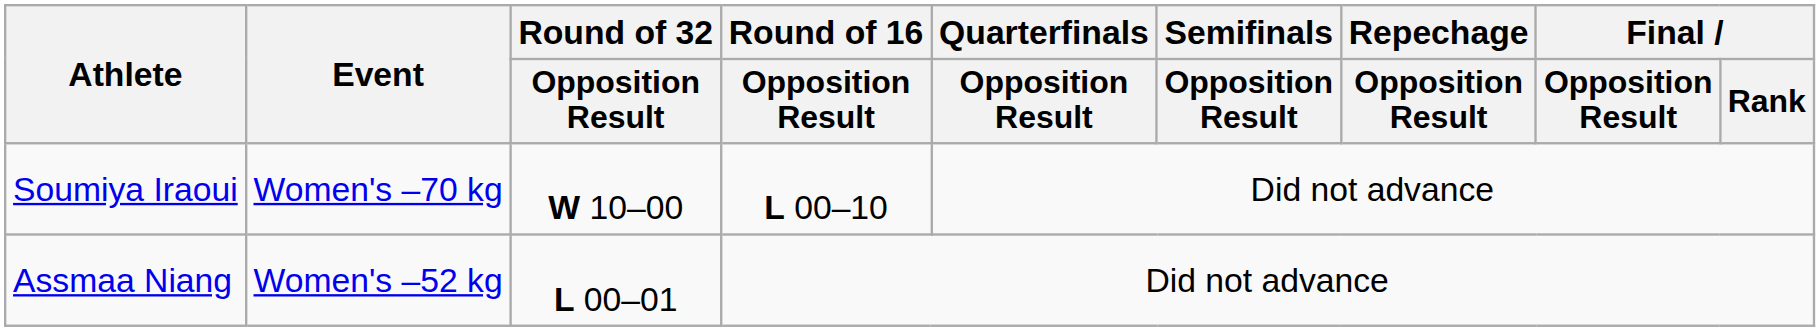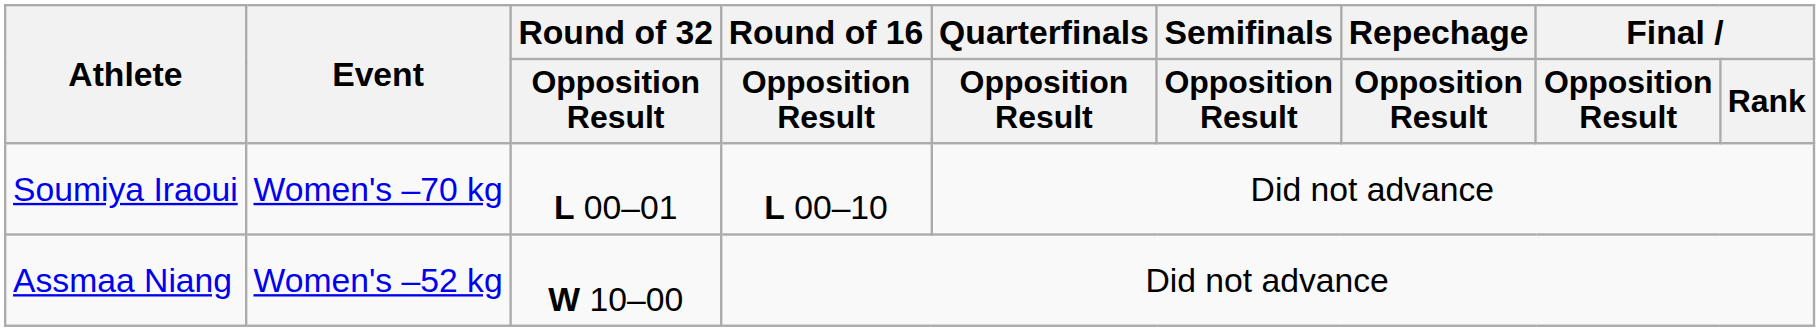 <table class="wikitable" style="font-size:90%">
 <tr>
 <th rowspan="2">Athlete</th>
 <th rowspan="2">Event</th>
 <th>Round of 32</th>
 <th>Round of 16</th>
 <th>Quarterfinals</th>
 <th>Semifinals</th>
 <th>Repechage</th>
 <th colspan=2>Final / </th>
 </tr>
 <tr style="font-size:95%">
 <th>Opposition<br>Result</th>
 <th>Opposition<br>Result</th>
 <th>Opposition<br>Result</th>
 <th>Opposition<br>Result</th>
 <th>Opposition<br>Result</th>
 <th>Opposition<br>Result</th>
 <th>Rank</th>
 </tr>
 <tr align=center>
 <td align=left><a href='#'>Soumiya Iraoui</a></td>
 <td align=left><a href='#'>Women's –70 kg</a></td>
-<td><br><strong>W</strong> 10–00</td>
+<td><br><strong>L</strong> 00–01</td>
 <td><br><strong>L</strong> 00–10</td>
 <td colspan=5>Did not advance</td>
 </tr>
 <tr align=center>
 <td align=left><a href='#'>Assmaa Niang</a></td>
 <td align=left><a href='#'>Women's –52 kg</a></td>
-<td><br><strong>L</strong> 00–01</td>
+<td><br><strong>W</strong> 10–00</td>
 <td colspan=6>Did not advance</td>
 </tr>
 </table>
